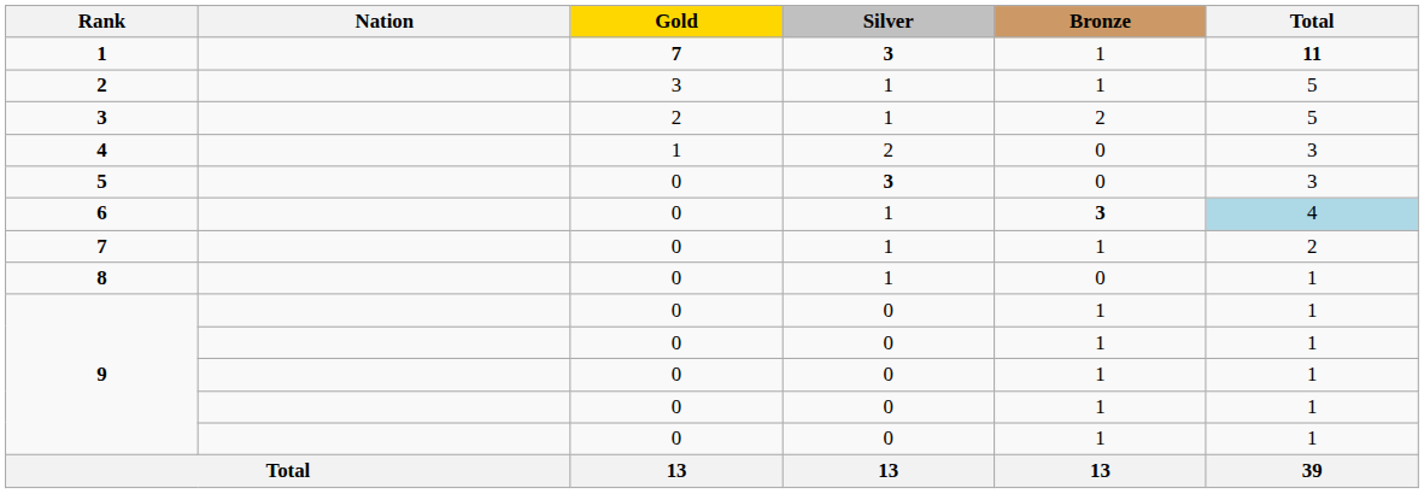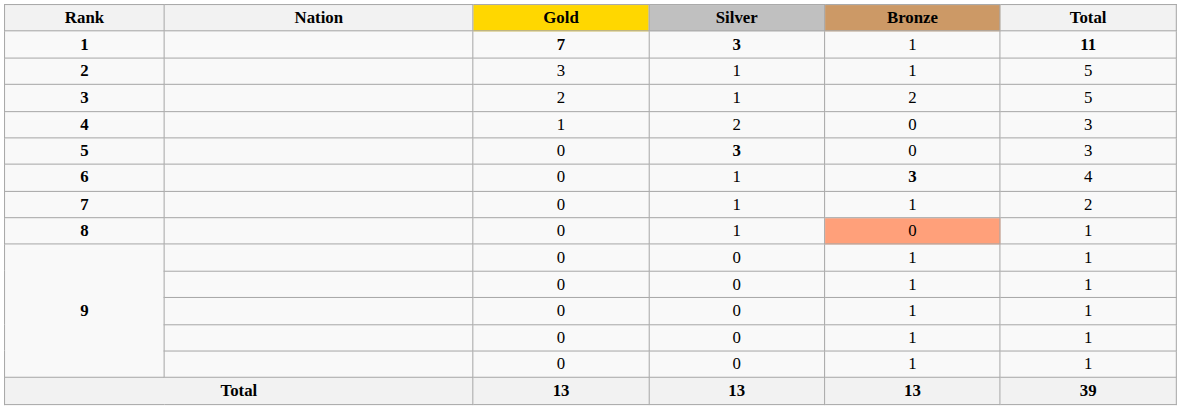 <table class="wikitable collapsible autocollapse plainrowheaders" width=70.5% style="text-align:center;">
 <tr style="background-color:#EDEDED;">
 <th width=100px class="hintergrundfarbe5">Rank</th>
 <th width=200px class="hintergrundfarbe6">Nation</th>
 <th style="background:    gold; width:15%">Gold</th>
 <th style="background:  silver; width:15%">Silver</th>
 <th style="background: #CC9966; width:15%">Bronze</th>
 <th class="hintergrundfarbe6" style="width:15%">Total</th>
 </tr>
 <tr>
 <td><strong>1</strong></td>
 <td align=left></td>
 <td><strong>7</strong></td>
 <td><strong>3</strong></td>
 <td>1</td>
 <td><strong>11</strong></td>
 </tr>
 <tr>
 <td><strong>2</strong></td>
 <td align=left></td>
 <td>3</td>
 <td>1</td>
 <td>1</td>
 <td>5</td>
 </tr>
 <tr>
 <td><strong>3</strong></td>
 <td align=left></td>
 <td>2</td>
 <td>1</td>
 <td>2</td>
 <td>5</td>
 </tr>
 <tr>
 <td><strong>4</strong></td>
 <td align=left></td>
 <td>1</td>
 <td>2</td>
 <td>0</td>
 <td>3</td>
 </tr>
 <tr>
 <td><strong>5</strong></td>
 <td align=left></td>
 <td>0</td>
 <td><strong>3</strong></td>
 <td>0</td>
 <td>3</td>
 </tr>
 <tr>
 <td><strong>6</strong></td>
 <td align=left></td>
 <td>0</td>
 <td>1</td>
 <td><strong>3</strong></td>
-<td style="background: lightblue;">4</td>
+<td>4</td>
 </tr>
 <tr>
 <td><strong>7</strong></td>
 <td align=left></td>
 <td>0</td>
 <td>1</td>
 <td>1</td>
 <td>2</td>
 </tr>
 <tr>
 <td><strong>8</strong></td>
 <td align=left></td>
 <td>0</td>
 <td>1</td>
-<td>0</td>
+<td style="background: lightsalmon;">0</td>
 <td>1</td>
 </tr>
 <tr>
 <td rowspan=5><strong>9</strong></td>
 <td align=left></td>
 <td>0</td>
 <td>0</td>
 <td>1</td>
 <td>1</td>
 </tr>
 <tr>
 <td align=left></td>
 <td>0</td>
 <td>0</td>
 <td>1</td>
 <td>1</td>
 </tr>
 <tr>
 <td align=left></td>
 <td>0</td>
 <td>0</td>
 <td>1</td>
 <td>1</td>
 </tr>
 <tr>
 <td align=left></td>
 <td>0</td>
 <td>0</td>
 <td>1</td>
 <td>1</td>
 </tr>
 <tr>
 <td align=left></td>
 <td>0</td>
 <td>0</td>
 <td>1</td>
 <td>1</td>
 </tr>
 <tr>
 <th colspan=2>Total</th>
 <th>13</th>
 <th>13</th>
 <th>13</th>
 <th>39</th>
 </tr>
 </table>
